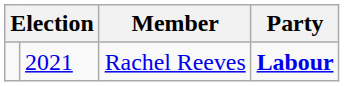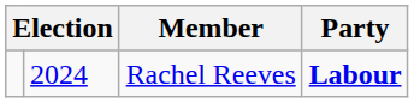 <table class="wikitable">
 <tr>
 <th colspan="2">Election</th>
 <th>Member</th>
 <th>Party</th>
 </tr>
 <tr>
 <td style="color:inherit;background-color: "></td>
-<td><a href='#'>2021</a></td>
+<td><a href='#'>2024</a></td>
 <td><a href='#'>Rachel Reeves</a></td>
 <td><strong><a href='#'>Labour</a></strong></td>
 </tr>
 </table>
